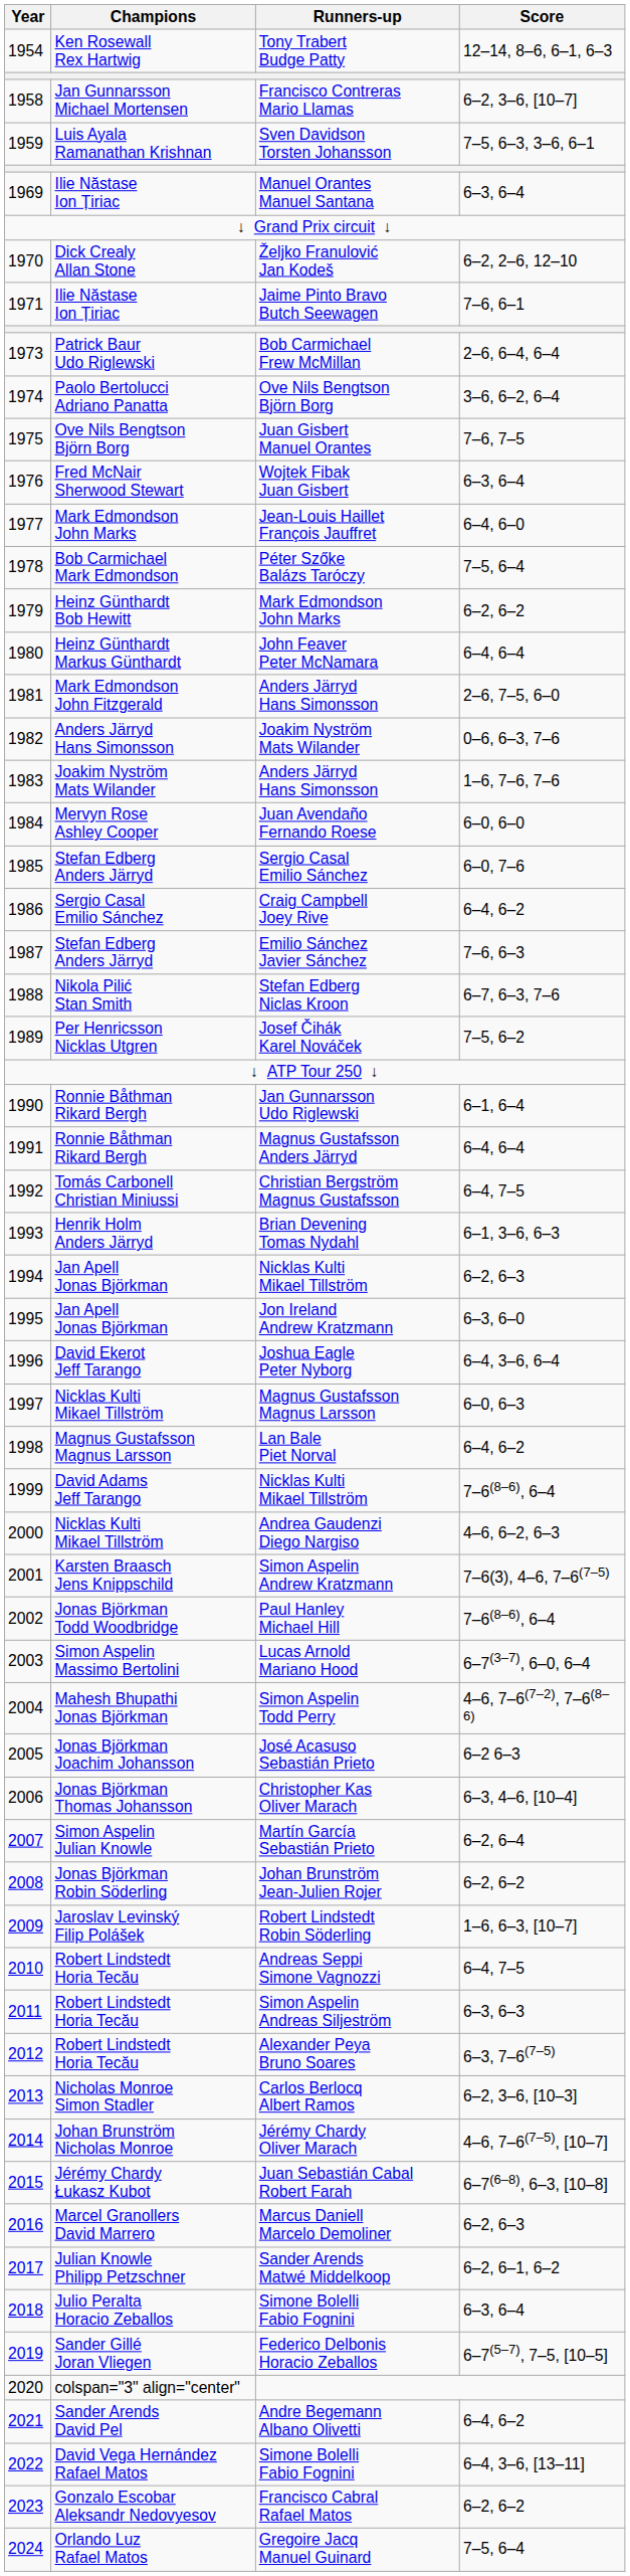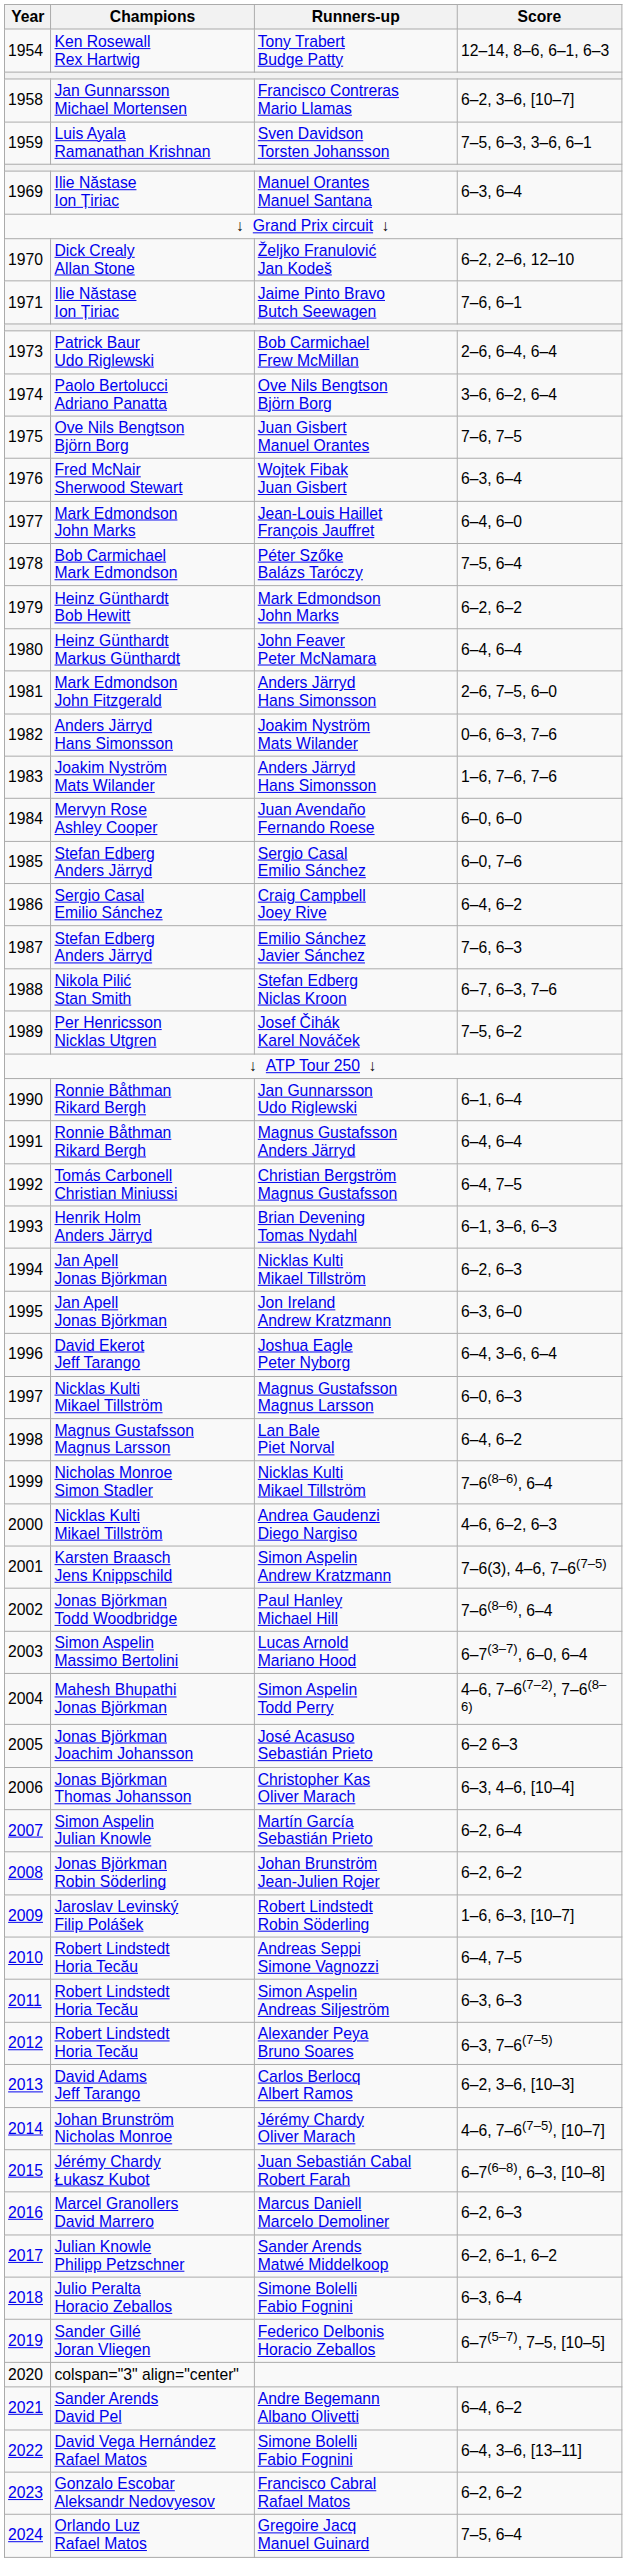 <table class="wikitable">
 <tr>
 <th style="width:40px">Year</th>
 <th style="width:200px">Champions</th>
 <th style="width:200px">Runners-up</th>
 <th style="width:160px" class="unsortable">Score</th>
 </tr>
 <tr>
 <td>1954</td>
 <td> <a href='#'>Ken Rosewall</a><br> <a href='#'>Rex Hartwig</a></td>
 <td> <a href='#'>Tony Trabert</a><br> <a href='#'>Budge Patty</a></td>
 <td>12–14, 8–6, 6–1, 6–3</td>
 </tr>
 <tr>
 <th colspan="4"></th>
 </tr>
 <tr>
 <td>1958</td>
 <td> <a href='#'>Jan Gunnarsson</a><br> <a href='#'>Michael Mortensen</a></td>
 <td> <a href='#'>Francisco Contreras</a><br> <a href='#'>Mario Llamas</a></td>
 <td>6–2, 3–6, [10–7]</td>
 </tr>
 <tr>
 <td>1959</td>
 <td> <a href='#'>Luis Ayala</a><br> <a href='#'>Ramanathan Krishnan</a></td>
 <td> <a href='#'>Sven Davidson</a><br> <a href='#'>Torsten Johansson</a></td>
 <td>7–5, 6–3, 3–6, 6–1</td>
 </tr>
 <tr>
 <th colspan="4"></th>
 </tr>
 <tr>
 <td>1969</td>
 <td> <a href='#'>Ilie Năstase</a><br> <a href='#'>Ion Țiriac</a></td>
 <td> <a href='#'>Manuel Orantes</a><br> <a href='#'>Manuel Santana</a></td>
 <td>6–3, 6–4</td>
 </tr>
 <tr>
 <td colspan=5 align=center>↓  <a href='#'>Grand Prix circuit</a>  ↓</td>
 </tr>
 <tr>
 <td>1970</td>
 <td> <a href='#'>Dick Crealy</a><br> <a href='#'>Allan Stone</a></td>
 <td> <a href='#'>Željko Franulović</a><br> <a href='#'>Jan Kodeš</a></td>
 <td>6–2, 2–6, 12–10</td>
 </tr>
 <tr>
 <td>1971</td>
 <td> <a href='#'>Ilie Năstase</a><br> <a href='#'>Ion Țiriac</a></td>
 <td> <a href='#'>Jaime Pinto Bravo</a><br> <a href='#'>Butch Seewagen</a></td>
 <td>7–6, 6–1</td>
 </tr>
 <tr>
 <th colspan="4"></th>
 </tr>
 <tr>
 <td>1973</td>
 <td> <a href='#'>Patrick Baur</a><br> <a href='#'>Udo Riglewski</a></td>
 <td> <a href='#'>Bob Carmichael</a><br> <a href='#'>Frew McMillan</a></td>
 <td>2–6, 6–4, 6–4</td>
 </tr>
 <tr>
 <td>1974</td>
 <td> <a href='#'>Paolo Bertolucci</a><br> <a href='#'>Adriano Panatta</a></td>
 <td> <a href='#'>Ove Nils Bengtson</a><br> <a href='#'>Björn Borg</a></td>
 <td>3–6, 6–2, 6–4</td>
 </tr>
 <tr>
 <td>1975</td>
 <td> <a href='#'>Ove Nils Bengtson</a><br> <a href='#'>Björn Borg</a></td>
 <td> <a href='#'>Juan Gisbert</a><br> <a href='#'>Manuel Orantes</a></td>
 <td>7–6, 7–5</td>
 </tr>
 <tr>
 <td>1976</td>
 <td> <a href='#'>Fred McNair</a><br> <a href='#'>Sherwood Stewart</a></td>
 <td> <a href='#'>Wojtek Fibak</a><br> <a href='#'>Juan Gisbert</a></td>
 <td>6–3, 6–4</td>
 </tr>
 <tr>
 <td>1977</td>
 <td> <a href='#'>Mark Edmondson</a><br> <a href='#'>John Marks</a></td>
 <td> <a href='#'>Jean-Louis Haillet</a><br> <a href='#'>François Jauffret</a></td>
 <td>6–4, 6–0</td>
 </tr>
 <tr>
 <td>1978</td>
 <td> <a href='#'>Bob Carmichael</a><br> <a href='#'>Mark Edmondson</a></td>
 <td> <a href='#'>Péter Szőke</a><br> <a href='#'>Balázs Taróczy</a></td>
 <td>7–5, 6–4</td>
 </tr>
 <tr>
 <td>1979</td>
 <td> <a href='#'>Heinz Günthardt</a><br> <a href='#'>Bob Hewitt</a></td>
 <td> <a href='#'>Mark Edmondson</a><br> <a href='#'>John Marks</a></td>
 <td>6–2, 6–2</td>
 </tr>
 <tr>
 <td>1980</td>
 <td> <a href='#'>Heinz Günthardt</a><br> <a href='#'>Markus Günthardt</a></td>
 <td> <a href='#'>John Feaver</a><br> <a href='#'>Peter McNamara</a></td>
 <td>6–4, 6–4</td>
 </tr>
 <tr>
 <td>1981</td>
 <td> <a href='#'>Mark Edmondson</a><br> <a href='#'>John Fitzgerald</a></td>
 <td> <a href='#'>Anders Järryd</a><br> <a href='#'>Hans Simonsson</a></td>
 <td>2–6, 7–5, 6–0</td>
 </tr>
 <tr>
 <td>1982</td>
 <td> <a href='#'>Anders Järryd</a><br> <a href='#'>Hans Simonsson</a></td>
 <td> <a href='#'>Joakim Nyström</a><br> <a href='#'>Mats Wilander</a></td>
 <td>0–6, 6–3, 7–6</td>
 </tr>
 <tr>
 <td>1983</td>
 <td> <a href='#'>Joakim Nyström</a><br> <a href='#'>Mats Wilander</a></td>
 <td> <a href='#'>Anders Järryd</a><br> <a href='#'>Hans Simonsson</a></td>
 <td>1–6, 7–6, 7–6</td>
 </tr>
 <tr>
 <td>1984</td>
 <td> <a href='#'>Mervyn Rose</a><br> <a href='#'>Ashley Cooper</a></td>
 <td> <a href='#'>Juan Avendaño</a><br> <a href='#'>Fernando Roese</a></td>
 <td>6–0, 6–0</td>
 </tr>
 <tr>
 <td>1985</td>
 <td> <a href='#'>Stefan Edberg</a><br> <a href='#'>Anders Järryd</a></td>
 <td> <a href='#'>Sergio Casal</a><br> <a href='#'>Emilio Sánchez</a></td>
 <td>6–0, 7–6</td>
 </tr>
 <tr>
 <td>1986</td>
 <td> <a href='#'>Sergio Casal</a><br> <a href='#'>Emilio Sánchez</a></td>
 <td> <a href='#'>Craig Campbell</a><br> <a href='#'>Joey Rive</a></td>
 <td>6–4, 6–2</td>
 </tr>
 <tr>
 <td>1987</td>
 <td> <a href='#'>Stefan Edberg</a><br> <a href='#'>Anders Järryd</a></td>
 <td> <a href='#'>Emilio Sánchez</a><br> <a href='#'>Javier Sánchez</a></td>
 <td>7–6, 6–3</td>
 </tr>
 <tr>
 <td>1988</td>
 <td> <a href='#'>Nikola Pilić</a><br> <a href='#'>Stan Smith</a></td>
 <td> <a href='#'>Stefan Edberg</a><br> <a href='#'>Niclas Kroon</a></td>
 <td>6–7, 6–3, 7–6</td>
 </tr>
 <tr>
 <td>1989</td>
 <td> <a href='#'>Per Henricsson</a><br> <a href='#'>Nicklas Utgren</a></td>
 <td> <a href='#'>Josef Čihák</a><br> <a href='#'>Karel Nováček</a></td>
 <td>7–5, 6–2</td>
 </tr>
 <tr>
 <td colspan=4 align=center>↓  <a href='#'>ATP Tour 250</a>  ↓</td>
 </tr>
 <tr>
 <td>1990</td>
 <td> <a href='#'>Ronnie Båthman</a><br> <a href='#'>Rikard Bergh</a></td>
 <td> <a href='#'>Jan Gunnarsson</a><br> <a href='#'>Udo Riglewski</a></td>
 <td>6–1, 6–4</td>
 </tr>
 <tr>
 <td>1991</td>
 <td> <a href='#'>Ronnie Båthman</a><br> <a href='#'>Rikard Bergh</a></td>
 <td> <a href='#'>Magnus Gustafsson</a><br> <a href='#'>Anders Järryd</a></td>
 <td>6–4, 6–4</td>
 </tr>
 <tr>
 <td>1992</td>
 <td> <a href='#'>Tomás Carbonell</a><br> <a href='#'>Christian Miniussi</a></td>
 <td> <a href='#'>Christian Bergström</a><br> <a href='#'>Magnus Gustafsson</a></td>
 <td>6–4, 7–5</td>
 </tr>
 <tr>
 <td>1993</td>
 <td> <a href='#'>Henrik Holm</a><br> <a href='#'>Anders Järryd</a></td>
 <td> <a href='#'>Brian Devening</a><br> <a href='#'>Tomas Nydahl</a></td>
 <td>6–1, 3–6, 6–3</td>
 </tr>
 <tr>
 <td>1994</td>
 <td> <a href='#'>Jan Apell</a><br> <a href='#'>Jonas Björkman</a></td>
 <td> <a href='#'>Nicklas Kulti</a><br> <a href='#'>Mikael Tillström</a></td>
 <td>6–2, 6–3</td>
 </tr>
 <tr>
 <td>1995</td>
 <td> <a href='#'>Jan Apell</a><br> <a href='#'>Jonas Björkman</a></td>
 <td> <a href='#'>Jon Ireland</a><br> <a href='#'>Andrew Kratzmann</a></td>
 <td>6–3, 6–0</td>
 </tr>
 <tr>
 <td>1996</td>
 <td> <a href='#'>David Ekerot</a><br> <a href='#'>Jeff Tarango</a></td>
 <td> <a href='#'>Joshua Eagle</a><br> <a href='#'>Peter Nyborg</a></td>
 <td>6–4, 3–6, 6–4</td>
 </tr>
 <tr>
 <td>1997</td>
 <td> <a href='#'>Nicklas Kulti</a><br> <a href='#'>Mikael Tillström</a></td>
 <td> <a href='#'>Magnus Gustafsson</a><br> <a href='#'>Magnus Larsson</a></td>
 <td>6–0, 6–3</td>
 </tr>
 <tr>
 <td>1998</td>
 <td> <a href='#'>Magnus Gustafsson</a><br> <a href='#'>Magnus Larsson</a></td>
 <td> <a href='#'>Lan Bale</a><br> <a href='#'>Piet Norval</a></td>
 <td>6–4, 6–2</td>
 </tr>
 <tr>
 <td>1999</td>
-<td> <a href='#'>David Adams</a><br> <a href='#'>Jeff Tarango</a></td>
+<td> <a href='#'>Nicholas Monroe</a><br> <a href='#'>Simon Stadler</a></td>
 <td> <a href='#'>Nicklas Kulti</a><br> <a href='#'>Mikael Tillström</a></td>
 <td>7–6<sup>(8–6)</sup>, 6–4</td>
 </tr>
 <tr>
 <td>2000</td>
 <td> <a href='#'>Nicklas Kulti</a><br> <a href='#'>Mikael Tillström</a></td>
 <td> <a href='#'>Andrea Gaudenzi</a><br> <a href='#'>Diego Nargiso</a></td>
 <td>4–6, 6–2, 6–3</td>
 </tr>
 <tr>
 <td>2001</td>
 <td> <a href='#'>Karsten Braasch</a><br> <a href='#'>Jens Knippschild</a></td>
 <td> <a href='#'>Simon Aspelin</a><br> <a href='#'>Andrew Kratzmann</a></td>
 <td>7–6(3), 4–6, 7–6<sup>(7–5)</sup></td>
 </tr>
 <tr>
 <td>2002</td>
 <td> <a href='#'>Jonas Björkman</a><br> <a href='#'>Todd Woodbridge</a></td>
 <td> <a href='#'>Paul Hanley</a><br> <a href='#'>Michael Hill</a></td>
 <td>7–6<sup>(8–6)</sup>, 6–4</td>
 </tr>
 <tr>
 <td>2003</td>
 <td> <a href='#'>Simon Aspelin</a><br> <a href='#'>Massimo Bertolini</a></td>
 <td> <a href='#'>Lucas Arnold</a><br> <a href='#'>Mariano Hood</a></td>
 <td>6–7<sup>(3–7)</sup>, 6–0, 6–4</td>
 </tr>
 <tr>
 <td>2004</td>
 <td> <a href='#'>Mahesh Bhupathi</a><br> <a href='#'>Jonas Björkman</a></td>
 <td> <a href='#'>Simon Aspelin</a><br> <a href='#'>Todd Perry</a></td>
 <td>4–6, 7–6<sup>(7–2)</sup>, 7–6<sup>(8–6)</sup></td>
 </tr>
 <tr>
 <td>2005</td>
 <td> <a href='#'>Jonas Björkman</a><br> <a href='#'>Joachim Johansson</a></td>
 <td> <a href='#'>José Acasuso</a><br> <a href='#'>Sebastián Prieto</a></td>
 <td>6–2 6–3</td>
 </tr>
 <tr>
 <td>2006</td>
 <td> <a href='#'>Jonas Björkman</a><br> <a href='#'>Thomas Johansson</a></td>
 <td> <a href='#'>Christopher Kas</a><br> <a href='#'>Oliver Marach</a></td>
 <td>6–3, 4–6, [10–4]</td>
 </tr>
 <tr>
 <td><a href='#'>2007</a></td>
 <td> <a href='#'>Simon Aspelin</a><br> <a href='#'>Julian Knowle</a></td>
 <td> <a href='#'>Martín García</a><br> <a href='#'>Sebastián Prieto</a></td>
 <td>6–2, 6–4</td>
 </tr>
 <tr>
 <td><a href='#'>2008</a></td>
 <td> <a href='#'>Jonas Björkman</a><br> <a href='#'>Robin Söderling</a></td>
 <td> <a href='#'>Johan Brunström</a><br> <a href='#'>Jean-Julien Rojer</a></td>
 <td>6–2, 6–2</td>
 </tr>
 <tr>
 <td><a href='#'>2009</a></td>
 <td> <a href='#'>Jaroslav Levinský</a><br> <a href='#'>Filip Polášek</a></td>
 <td> <a href='#'>Robert Lindstedt</a><br> <a href='#'>Robin Söderling</a></td>
 <td>1–6, 6–3, [10–7]</td>
 </tr>
 <tr>
 <td><a href='#'>2010</a></td>
 <td> <a href='#'>Robert Lindstedt</a><br> <a href='#'>Horia Tecău</a></td>
 <td> <a href='#'>Andreas Seppi</a><br> <a href='#'>Simone Vagnozzi</a></td>
 <td>6–4, 7–5</td>
 </tr>
 <tr>
 <td><a href='#'>2011</a></td>
 <td> <a href='#'>Robert Lindstedt</a><br> <a href='#'>Horia Tecău</a></td>
 <td> <a href='#'>Simon Aspelin</a><br> <a href='#'>Andreas Siljeström</a></td>
 <td>6–3, 6–3</td>
 </tr>
 <tr>
 <td><a href='#'>2012</a></td>
 <td> <a href='#'>Robert Lindstedt</a><br> <a href='#'>Horia Tecău</a></td>
 <td> <a href='#'>Alexander Peya</a><br> <a href='#'>Bruno Soares</a></td>
 <td>6–3, 7–6<sup>(7–5)</sup></td>
 </tr>
 <tr>
 <td><a href='#'>2013</a></td>
-<td> <a href='#'>Nicholas Monroe</a><br> <a href='#'>Simon Stadler</a></td>
+<td> <a href='#'>David Adams</a><br> <a href='#'>Jeff Tarango</a></td>
 <td> <a href='#'>Carlos Berlocq</a><br> <a href='#'>Albert Ramos</a></td>
 <td>6–2, 3–6, [10–3]</td>
 </tr>
 <tr>
 <td><a href='#'>2014</a></td>
 <td> <a href='#'>Johan Brunström</a><br> <a href='#'>Nicholas Monroe</a></td>
 <td> <a href='#'>Jérémy Chardy</a><br> <a href='#'>Oliver Marach</a></td>
 <td>4–6, 7–6<sup>(7–5)</sup>, [10–7]</td>
 </tr>
 <tr>
 <td><a href='#'>2015</a></td>
 <td> <a href='#'>Jérémy Chardy</a><br> <a href='#'>Łukasz Kubot</a></td>
 <td> <a href='#'>Juan Sebastián Cabal</a><br> <a href='#'>Robert Farah</a></td>
 <td>6–7<sup>(6–8)</sup>, 6–3, [10–8]</td>
 </tr>
 <tr>
 <td><a href='#'>2016</a></td>
 <td> <a href='#'>Marcel Granollers</a><br> <a href='#'>David Marrero</a></td>
 <td> <a href='#'>Marcus Daniell</a><br> <a href='#'>Marcelo Demoliner</a></td>
 <td>6–2, 6–3</td>
 </tr>
 <tr>
 <td><a href='#'>2017</a></td>
 <td> <a href='#'>Julian Knowle</a><br> <a href='#'>Philipp Petzschner</a></td>
 <td> <a href='#'>Sander Arends</a><br> <a href='#'>Matwé Middelkoop</a></td>
 <td>6–2, 6–1, 6–2</td>
 </tr>
 <tr>
 <td><a href='#'>2018</a></td>
 <td> <a href='#'>Julio Peralta</a><br> <a href='#'>Horacio Zeballos</a></td>
 <td> <a href='#'>Simone Bolelli</a><br> <a href='#'>Fabio Fognini</a></td>
 <td>6–3, 6–4</td>
 </tr>
 <tr>
 <td><a href='#'>2019</a></td>
 <td> <a href='#'>Sander Gillé</a><br> <a href='#'>Joran Vliegen</a></td>
 <td> <a href='#'>Federico Delbonis</a> <br> <a href='#'>Horacio Zeballos</a></td>
 <td>6–7<sup>(5–7)</sup>, 7–5, [10–5]</td>
 </tr>
 <tr>
 <td>2020</td>
 <td>colspan="3" align="center" </td>
 </tr>
 <tr>
 <td><a href='#'>2021</a></td>
 <td> <a href='#'>Sander Arends</a><br> <a href='#'>David Pel</a></td>
 <td> <a href='#'>Andre Begemann</a> <br> <a href='#'>Albano Olivetti</a></td>
 <td>6–4, 6–2</td>
 </tr>
 <tr>
 <td><a href='#'>2022</a></td>
 <td> <a href='#'>David Vega Hernández</a><br> <a href='#'>Rafael Matos</a></td>
 <td> <a href='#'>Simone Bolelli</a><br> <a href='#'>Fabio Fognini</a></td>
 <td>6–4, 3–6, [13–11]</td>
 </tr>
 <tr>
 <td><a href='#'>2023</a></td>
 <td> <a href='#'>Gonzalo Escobar</a><br> <a href='#'>Aleksandr Nedovyesov</a></td>
 <td> <a href='#'>Francisco Cabral</a><br> <a href='#'>Rafael Matos</a></td>
 <td>6–2, 6–2</td>
 </tr>
 <tr>
 <td><a href='#'>2024</a></td>
 <td> <a href='#'>Orlando Luz</a><br> <a href='#'>Rafael Matos</a></td>
 <td> <a href='#'>Gregoire Jacq</a><br> <a href='#'>Manuel Guinard</a></td>
 <td>7–5, 6–4</td>
 </tr>
 </table>
